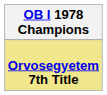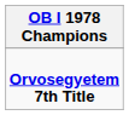 <table class="wikitable" style="text-align: center; margin: 0 auto;">
 <tr>
 <th><a href='#'>OB I</a> 1978<br>Champions</th>
 </tr>
 <tr>
 </tr>
 <tr>
-<td style="background: khaki;"> <br><strong><a href='#'>Orvosegyetem</a></strong><br><strong>7th Title</strong></td>
+<td> <br><strong><a href='#'>Orvosegyetem</a></strong><br><strong>7th Title</strong></td>
 </tr>
 </table>
